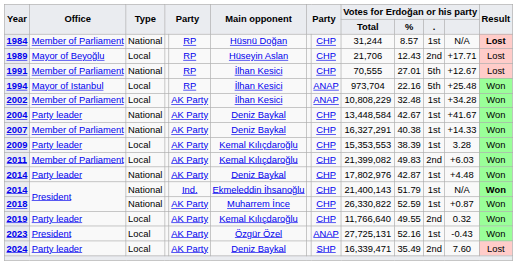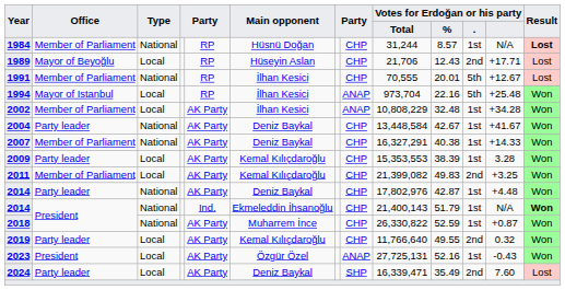 <table class="wikitable" style="font-size:90%; text-align:center;">
 <tr>
 <th style="background-color:#EAECF0;" rowspan=2>Year</th>
 <th style="background-color:#EAECF0;" rowspan=2>Office</th>
 <th style="background-color:#EAECF0;" rowspan=2>Type</th>
 <th style="background-color:#EAECF0;" colspan=2 rowspan=2>Party</th>
 <th style="background-color:#EAECF0;" rowspan=2>Main opponent</th>
 <th style="background-color:#EAECF0;" colspan=2 rowspan=2>Party</th>
 <th style="background-color:#EAECF0;" colspan=4>Votes for Erdoğan or his party</th>
 <th style="background-color:#EAECF0;" rowspan=2>Result</th>
 </tr>
 <tr>
 <th style="background-color:#EAECF0;">Total</th>
 <th style="background-color:#EAECF0;">%</th>
 <th style="background-color:#EAECF0;">.</th>
 <th style="background-color:#EAECF0;"></th>
 </tr>
 <tr>
 <th style="background-color:#EAECF0;"><a href='#'>1984</a></th>
 <td style="text-align:left;"><a href='#'>Member of Parliament</a></td>
 <td style="text-align:left;">National</td>
 <td style="background-color:"></td>
 <td><a href='#'>RP</a></td>
 <td><a href='#'>Hüsnü Doğan</a></td>
 <td style="background-color:"></td>
 <td><a href='#'>CHP</a></td>
 <td>31,244</td>
 <td>8.57</td>
 <td>1st</td>
 <td>N/A</td>
 <td style="background-color:#ffccc9;"><strong>Lost</strong></td>
 </tr>
 <tr>
 <th style="background-color:#EAECF0;"><a href='#'>1989</a></th>
 <td style="text-align:left;"><a href='#'>Mayor of Beyoğlu</a></td>
 <td style="text-align:left;">Local</td>
 <td style="background-color:"></td>
 <td><a href='#'>RP</a></td>
 <td><a href='#'>Hüseyin Aslan</a></td>
 <td style="background-color:"></td>
 <td><a href='#'>CHP</a></td>
 <td>21,706</td>
 <td>12.43</td>
 <td>2nd</td>
 <td>+17.71</td>
 <td style="background-color:#ffccc9;">Lost</td>
 </tr>
 <tr>
 <th style="background-color:#EAECF0;"><a href='#'>1991</a></th>
 <td style="text-align:left;"><a href='#'>Member of Parliament</a></td>
 <td style="text-align:left;">National</td>
 <td style="background-color:"></td>
 <td><a href='#'>RP</a></td>
 <td><a href='#'>İlhan Kesici</a></td>
 <td style="background-color:"></td>
 <td><a href='#'>CHP</a></td>
 <td>70,555</td>
-<td>27.01</td>
+<td>20.01</td>
 <td>5th</td>
 <td>+12.67</td>
 <td style="background-color:#ffccc9;">Lost</td>
 </tr>
 <tr>
 <th style="background-color:#EAECF0;"><a href='#'>1994</a></th>
 <td style="text-align:left;"><a href='#'>Mayor of Istanbul</a></td>
 <td style="text-align:left;">Local</td>
 <td style="background-color:"></td>
 <td><a href='#'>RP</a></td>
 <td><a href='#'>İlhan Kesici</a></td>
 <td style="background-color:"></td>
 <td><a href='#'>ANAP</a></td>
 <td>973,704</td>
 <td>22.16</td>
 <td>5th</td>
 <td>+25.48</td>
 <td style="background-color:#9aff99;">Won</td>
 </tr>
 <tr>
 <th style="background-color:#EAECF0;"><a href='#'>2002</a></th>
 <td style="text-align:left;"><a href='#'>Member of Parliament</a></td>
 <td style="text-align:left;">Local</td>
 <td style="background-color:"></td>
 <td><a href='#'>AK Party</a></td>
 <td><a href='#'>İlhan Kesici</a></td>
 <td style="background-color:"></td>
 <td><a href='#'>ANAP</a></td>
 <td>10,808,229</td>
 <td>32.48</td>
 <td>1st</td>
 <td>+34.28</td>
 <td style="background-color:#9aff99;">Won</td>
 </tr>
 <tr>
 <th style="background-color:#EAECF0;"><a href='#'>2004</a></th>
 <td style="text-align:left;"><a href='#'>Party leader</a></td>
 <td style="text-align:left;">National</td>
 <td style="background-color:"></td>
 <td><a href='#'>AK Party</a></td>
 <td><a href='#'>Deniz Baykal</a></td>
 <td style="background-color:"></td>
 <td><a href='#'>CHP</a></td>
 <td>13,448,584</td>
 <td>42.67</td>
 <td>1st</td>
 <td>+41.67</td>
 <td style="background-color:#9aff99;">Won</td>
 </tr>
 <tr>
 <th style="background-color:#EAECF0;"><a href='#'>2007</a></th>
 <td style="text-align:left;"><a href='#'>Member of Parliament</a></td>
 <td style="text-align:left;">National</td>
 <td style="background-color:"></td>
 <td><a href='#'>AK Party</a></td>
 <td><a href='#'>Deniz Baykal</a></td>
 <td style="background-color:"></td>
 <td><a href='#'>CHP</a></td>
 <td>16,327,291</td>
 <td>40.38</td>
 <td>1st</td>
 <td>+14.33</td>
 <td style="background-color:#9aff99;">Won</td>
 </tr>
 <tr>
 <th style="background-color:#EAECF0;"><a href='#'>2009</a></th>
 <td style="text-align:left;"><a href='#'>Party leader</a></td>
 <td style="text-align:left;">Local</td>
 <td style="background-color:"></td>
 <td><a href='#'>AK Party</a></td>
 <td><a href='#'>Kemal Kılıçdaroğlu</a></td>
 <td style="background-color:"></td>
 <td><a href='#'>CHP</a></td>
 <td>15,353,553</td>
 <td>38.39</td>
 <td>1st</td>
 <td>3.28</td>
 <td style="background-color:#9aff99;">Won</td>
 </tr>
 <tr>
 <th style="background-color:#EAECF0;"><a href='#'>2011</a></th>
 <td style="text-align:left;"><a href='#'>Member of Parliament</a></td>
 <td style="text-align:left;">Local</td>
 <td style="background-color:"></td>
 <td><a href='#'>AK Party</a></td>
 <td><a href='#'>Kemal Kılıçdaroğlu</a></td>
 <td style="background-color:"></td>
 <td><a href='#'>CHP</a></td>
 <td>21,399,082</td>
 <td>49.83</td>
 <td>2nd</td>
-<td>+6.03</td>
+<td>+3.25</td>
 <td style="background-color:#9aff99;">Won</td>
 </tr>
 <tr>
 <th style="background-color:#EAECF0;"><a href='#'>2014</a></th>
 <td style="text-align:left;"><a href='#'>Party leader</a></td>
 <td style="text-align:left;">National</td>
 <td style="background-color:"></td>
 <td><a href='#'>AK Party</a></td>
 <td><a href='#'>Deniz Baykal</a></td>
 <td style="background-color:"></td>
 <td><a href='#'>CHP</a></td>
 <td>17,802,976</td>
 <td>42.87</td>
 <td>1st</td>
 <td>+4.48</td>
 <td style="background-color:#9aff99;">Won</td>
 </tr>
 <tr>
 <th style="background-color:#EAECF0;"><a href='#'>2014</a></th>
 <td rowspan="2" style="text-align:left;"><a href='#'>President</a></td>
 <td style="text-align:left;">National</td>
 <td style="background-color:"></td>
 <td><a href='#'>Ind.</a></td>
 <td><a href='#'>Ekmeleddin İhsanoğlu</a></td>
 <td style="background-color:"></td>
 <td><a href='#'>CHP</a></td>
 <td>21,400,143</td>
 <td>51.79</td>
 <td>1st</td>
 <td>N/A</td>
 <td style="background-color:#9aff99;"><strong>Won</strong></td>
 </tr>
 <tr>
 <th style="background-color:#EAECF0;"><a href='#'>2018</a></th>
 <td style="text-align:left;">National</td>
 <td style="background-color:"></td>
 <td><a href='#'>AK Party</a></td>
 <td><a href='#'>Muharrem İnce</a></td>
 <td style="background-color:"></td>
 <td><a href='#'>CHP</a></td>
 <td>26,330,822</td>
 <td>52.59</td>
 <td>1st</td>
 <td>+0.87</td>
 <td style="background-color:#9aff99;">Won</td>
 </tr>
 <tr>
 <th style="background-color:#EAECF0;"><a href='#'>2019</a></th>
 <td style="text-align:left;"><a href='#'>Party leader</a></td>
 <td style="text-align:left;">Local</td>
 <td style="background-color:"></td>
 <td><a href='#'>AK Party</a></td>
 <td><a href='#'>Kemal Kılıçdaroğlu</a></td>
 <td style="background-color:"></td>
 <td><a href='#'>CHP</a></td>
 <td>11,766,640</td>
 <td>49.55</td>
 <td>2nd</td>
 <td>0.32</td>
 <td style="background-color:#9aff99;">Won</td>
 </tr>
 <tr>
 <th style="background-color:#EAECF0;"><a href='#'>2023</a></th>
 <td style="text-align:left;"><a href='#'>President</a></td>
 <td style="text-align:left;">Local</td>
 <td style="background-color:"></td>
 <td><a href='#'>AK Party</a></td>
 <td><a href='#'>Özgür Özel</a></td>
 <td style="background-color:"></td>
 <td><a href='#'>ANAP</a></td>
 <td>27,725,131</td>
 <td>52.16</td>
 <td>1st</td>
 <td>-0.43</td>
 <td style="background-color:#9aff99;">Won</td>
 </tr>
 <tr>
 <th style="background-color:#EAECF0;"><a href='#'>2024</a></th>
 <td style="text-align:left;"><a href='#'>Party leader</a></td>
 <td style="text-align:left;">Local</td>
 <td style="background-color:"></td>
 <td><a href='#'>AK Party</a></td>
 <td><a href='#'>Deniz Baykal</a></td>
 <td style="background-color:"></td>
 <td><a href='#'>SHP</a></td>
 <td>16,339,471</td>
 <td>35.49</td>
 <td>2nd</td>
 <td>7.60</td>
 <td style="background-color:#ffccc9;">Lost</td>
 </tr>
 <tr>
 <th style="background-color:#EAECF0;" colspan=13></th>
 </tr>
 </table>
